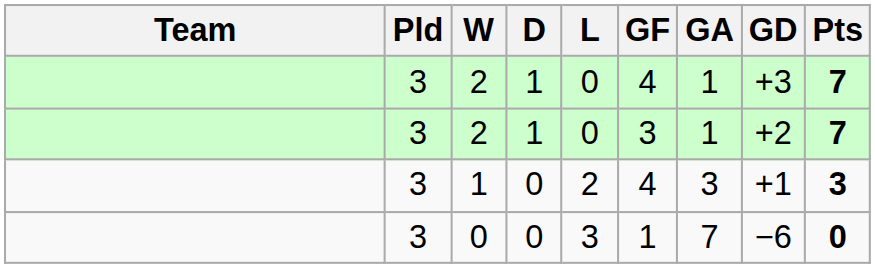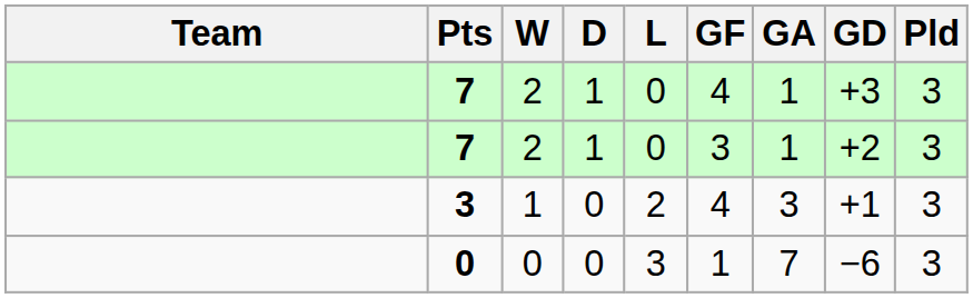 <table class="wikitable" style="text-align:center;">
 <tr>
 <th width=180>Team</th>
-<th width=20>Pld</th>
+<th width=20>Pts</th>
 <th width=20>W</th>
 <th width=20>D</th>
 <th width=20>L</th>
 <th width=20>GF</th>
 <th width=20>GA</th>
 <th width=20>GD</th>
-<th width=20>Pts</th>
+<th width=20>Pld</th>
 </tr>
 <tr bgcolor=ccffcc>
 <td align="left"></td>
-<td>3</td>
+<td><strong>7</strong></td>
 <td>2</td>
 <td>1</td>
 <td>0</td>
 <td>4</td>
 <td>1</td>
 <td>+3</td>
-<td><strong>7</strong></td>
+<td>3</td>
 </tr>
 <tr bgcolor=ccffcc>
 <td align="left"></td>
-<td>3</td>
+<td><strong>7</strong></td>
 <td>2</td>
 <td>1</td>
 <td>0</td>
 <td>3</td>
 <td>1</td>
 <td>+2</td>
-<td><strong>7</strong></td>
+<td>3</td>
 </tr>
 <tr>
 <td align="left"><em></em></td>
-<td>3</td>
+<td><strong>3</strong></td>
 <td>1</td>
 <td>0</td>
 <td>2</td>
 <td>4</td>
 <td>3</td>
 <td>+1</td>
-<td><strong>3</strong></td>
+<td>3</td>
 </tr>
 <tr>
 <td align="left"></td>
-<td>3</td>
+<td><strong>0</strong></td>
 <td>0</td>
 <td>0</td>
 <td>3</td>
 <td>1</td>
 <td>7</td>
 <td>−6</td>
-<td><strong>0</strong></td>
+<td>3</td>
 </tr>
 </table>
